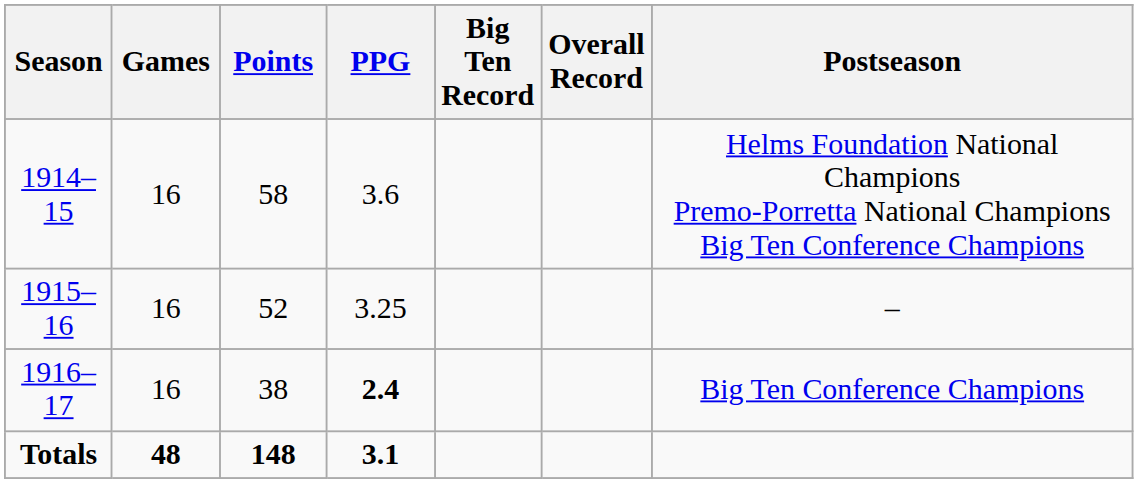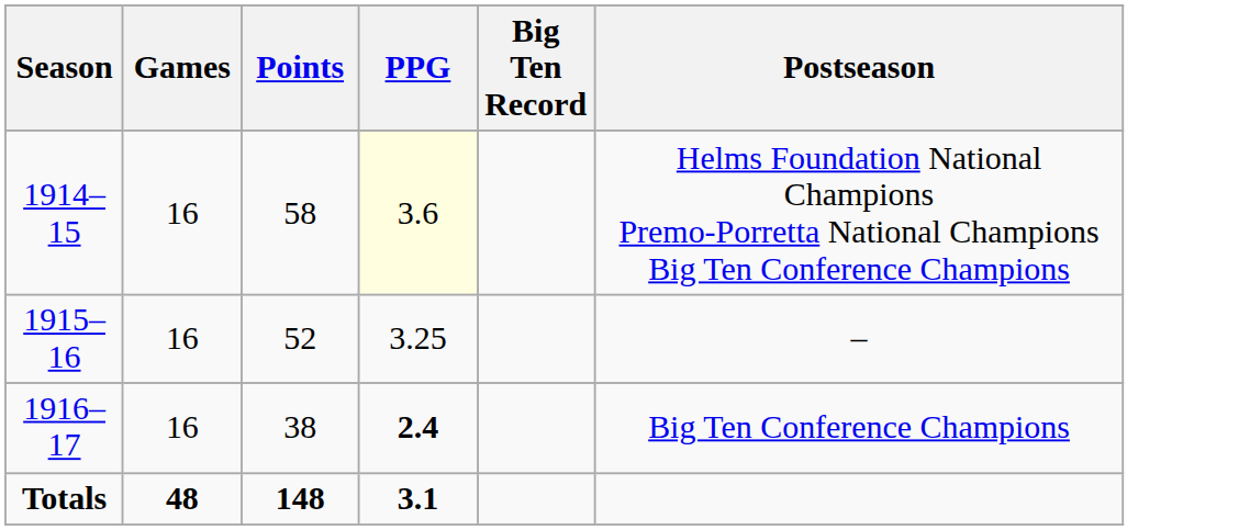 <table class="wikitable sortable" style="text-align:center">
 <tr>
 <th width=50px>Season</th>
 <th width=50px>Games</th>
 <th width=50px><a href='#'>Points</a></th>
 <th width=50px><a href='#'>PPG</a></th>
 <th width=50px>Big Ten <br>Record</th>
-<th width=50px>Overall <br>Record</th>
 <th width=250px>Postseason</th>
 </tr>
 <tr>
 <td><a href='#'>1914–15</a></td>
 <td>16</td>
 <td>58</td>
-<td>3.6</td>
-<td></td>
+<td style="background: lightyellow;">3.6</td>
 <td></td>
 <td><a href='#'>Helms Foundation</a> National Champions<br><a href='#'>Premo-Porretta</a> National Champions<br><a href='#'>Big Ten Conference Champions</a></td>
 </tr>
 <tr>
 <td><a href='#'>1915–16</a></td>
 <td>16</td>
 <td>52</td>
 <td>3.25</td>
 <td></td>
-<td></td>
 <td>–</td>
 </tr>
 <tr>
 <td><a href='#'>1916–17</a></td>
 <td>16</td>
 <td>38</td>
 <td><strong>2.4</strong></td>
-<td></td>
 <td></td>
 <td><a href='#'>Big Ten Conference Champions</a></td>
 </tr>
 <tr class="sortbottom">
 <td><strong>Totals</strong></td>
 <td><strong>48</strong></td>
 <td><strong>148</strong></td>
 <td><strong>3.1</strong></td>
 <td><strong></strong></td>
-<td><strong></strong></td>
 <td></td>
 </tr>
 </table>
